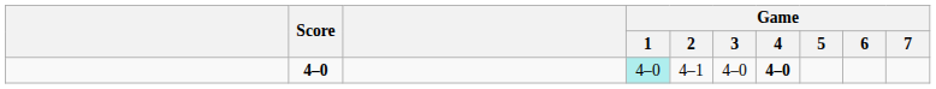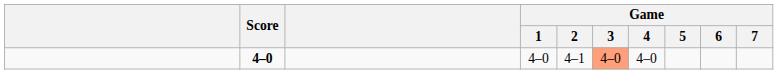 <table class="wikitable" style="text-align: center;">
 <tr>
 <th rowspan=2 align="right" width="270"></th>
 <th rowspan=2 width="45">Score</th>
 <th rowspan=2 align="left" width="270"></th>
 <th colspan=7>Game</th>
 </tr>
 <tr>
 <th width="35">1</th>
 <th width="35">2</th>
 <th width="35">3</th>
 <th width="35">4</th>
 <th width="35">5</th>
 <th width="35">6</th>
 <th width="35">7</th>
 </tr>
 <tr>
 <td align=left><strong></strong></td>
 <td align=center><strong>4–0</strong></td>
 <td align=left></td>
-<td style="background: paleturquoise;">4–0</td>
+<td>4–0</td>
 <td>4–1</td>
+<td style="background: lightsalmon;">4–0</td>
 <td>4–0</td>
-<td><strong>4–0</strong></td>
 <td></td>
 <td></td>
 <td></td>
 </tr>
 </table>
